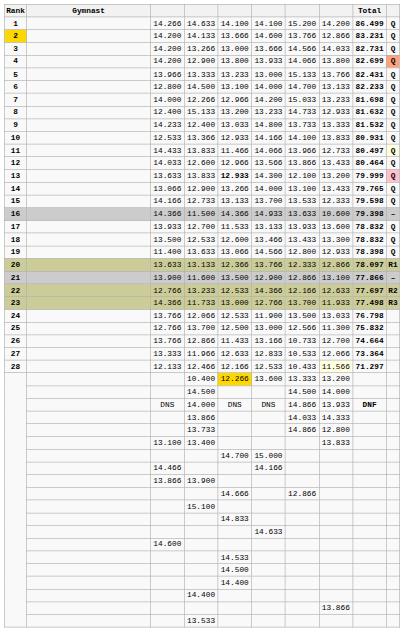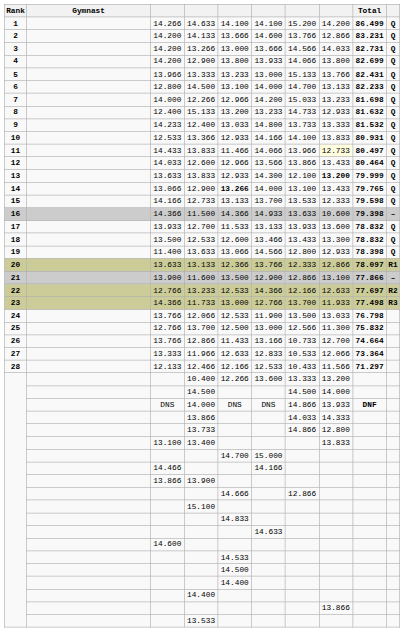 <table class="wikitable sortable" style="text-align:center; font-size:100%">
 <tr>
 <th scope="col" style="width:15px;">Rank</th>
 <th scope="col" style="width:200px;">Gymnast</th>
 <th scope="col" style="width:50px;"></th>
 <th scope="col" style="width:50px;"></th>
 <th scope="col" style="width:50px;"></th>
 <th scope="col" style="width:50px;"></th>
 <th scope="col" style="width:50px;"></th>
 <th scope="col" style="width:50px;"></th>
 <th scope="col" style="width:50px;">Total</th>
 <th scope="col" style="width:15px;"></th>
 </tr>
 <tr>
 <td scope="row" style="text-align:center;"><strong>1</strong></td>
 <td style="text-align:left;"></td>
 <td>14.266</td>
 <td>14.633</td>
 <td>14.100</td>
 <td>14.100</td>
 <td>15.200</td>
 <td>14.200</td>
 <td><strong>86.499</strong></td>
 <td><strong>Q</strong></td>
 </tr>
 <tr>
-<td scope="row" style="background: gold; text-align:center;"><strong>2</strong></td>
+<td scope="row" style="text-align:center;"><strong>2</strong></td>
 <td style="text-align:left;"></td>
 <td>14.200</td>
 <td>14.133</td>
 <td>13.666</td>
 <td>14.600</td>
 <td>13.766</td>
 <td>12.866</td>
 <td><strong>83.231</strong></td>
 <td><strong>Q</strong></td>
 </tr>
 <tr>
 <td scope="row" style="text-align:center;"><strong>3</strong></td>
 <td style="text-align:left;"></td>
 <td>14.200</td>
 <td>13.266</td>
 <td>13.000</td>
 <td>13.666</td>
 <td>14.566</td>
 <td>14.033</td>
 <td><strong>82.731</strong></td>
 <td><strong>Q</strong></td>
 </tr>
 <tr>
 <td scope="row" style="text-align:center;"><strong>4</strong></td>
 <td style="text-align:left;"></td>
 <td>14.200</td>
 <td>12.900</td>
 <td>13.800</td>
 <td>13.933</td>
 <td>14.066</td>
 <td>13.800</td>
 <td><strong>82.699</strong></td>
-<td style="background: lightsalmon;"><strong>Q</strong></td>
+<td><strong>Q</strong></td>
 </tr>
 <tr>
 <td scope="row" style="text-align:center;"><strong>5</strong></td>
 <td style="text-align:left;"></td>
 <td>13.966</td>
 <td>13.333</td>
 <td>13.233</td>
 <td>13.000</td>
 <td>15.133</td>
 <td>13.766</td>
 <td><strong>82.431</strong></td>
 <td><strong>Q</strong></td>
 </tr>
 <tr>
 <td scope="row" style="text-align:center;"><strong>6</strong></td>
 <td style="text-align:left;"></td>
 <td>12.800</td>
 <td>14.500</td>
 <td>13.100</td>
 <td>14.000</td>
 <td>14.700</td>
 <td>13.133</td>
 <td><strong>82.233</strong></td>
 <td><strong>Q</strong></td>
 </tr>
 <tr>
 <td scope="row" style="text-align:center;"><strong>7</strong></td>
 <td style="text-align:left;"></td>
 <td>14.000</td>
 <td>12.266</td>
 <td>12.966</td>
 <td>14.200</td>
 <td>15.033</td>
 <td>13.233</td>
 <td><strong>81.698</strong></td>
 <td><strong>Q</strong></td>
 </tr>
 <tr>
 <td scope="row" style="text-align:center;"><strong>8</strong></td>
 <td style="text-align:left;"></td>
 <td>12.400</td>
 <td>15.133</td>
 <td>13.200</td>
 <td>13.233</td>
 <td>14.733</td>
 <td>12.933</td>
 <td><strong>81.632</strong></td>
 <td><strong>Q</strong></td>
 </tr>
 <tr>
 <td scope="row" style="text-align:center;"><strong>9</strong></td>
 <td style="text-align:left;"></td>
 <td>14.233</td>
 <td>12.400</td>
 <td>13.033</td>
 <td>14.800</td>
 <td>13.733</td>
 <td>13.333</td>
 <td><strong>81.532</strong></td>
 <td><strong>Q</strong></td>
 </tr>
 <tr>
 <td scope="row" style="text-align:center;"><strong>10</strong></td>
 <td style="text-align:left;"></td>
 <td>12.533</td>
 <td>13.366</td>
 <td>12.933</td>
 <td>14.166</td>
 <td>14.100</td>
 <td>13.833</td>
 <td><strong>80.931</strong></td>
 <td><strong>Q</strong></td>
 </tr>
 <tr>
 <td scope="row" style="text-align:center;"><strong>11</strong></td>
 <td style="text-align:left;"></td>
 <td>14.433</td>
 <td>13.833</td>
 <td>11.466</td>
 <td>14.066</td>
 <td>13.966</td>
-<td>12.733</td>
+<td style="background: lightyellow;">12.733</td>
 <td><strong>80.497</strong></td>
-<td style="background: lightyellow;"><strong>Q</strong></td>
+<td><strong>Q</strong></td>
 </tr>
 <tr>
 <td scope="row" style="text-align:center;"><strong>12</strong></td>
 <td style="text-align:left;"></td>
 <td>14.033</td>
 <td>12.600</td>
 <td>12.966</td>
 <td>13.566</td>
 <td>13.866</td>
 <td>13.433</td>
 <td><strong>80.464</strong></td>
 <td><strong>Q</strong></td>
 </tr>
 <tr>
 <td scope="row" style="text-align:center;"><strong>13</strong></td>
 <td style="text-align:left;"></td>
 <td>13.633</td>
 <td>13.833</td>
-<td><strong>12.933</strong></td>
+<td>12.933</td>
 <td>14.300</td>
 <td>12.100</td>
-<td>13.200</td>
+<td><strong>13.200</strong></td>
 <td><strong>79.999</strong></td>
-<td style="background: pink;"><strong>Q</strong></td>
+<td><strong>Q</strong></td>
 </tr>
 <tr>
 <td scope="row" style="text-align:center;"><strong>14</strong></td>
 <td style="text-align:left;"></td>
 <td>13.066</td>
 <td>12.900</td>
-<td>13.266</td>
+<td><strong>13.266</strong></td>
 <td>14.000</td>
 <td>13.100</td>
 <td>13.433</td>
 <td><strong>79.765</strong></td>
 <td><strong>Q</strong></td>
 </tr>
 <tr>
 <td scope="row" style="text-align:center;"><strong>15</strong></td>
 <td style="text-align:left;"></td>
 <td>14.166</td>
 <td>12.733</td>
 <td>13.133</td>
 <td>13.700</td>
 <td>13.533</td>
 <td>12.333</td>
 <td><strong>79.598</strong></td>
 <td><strong>Q</strong></td>
 </tr>
 <tr style="background:#cccccc;">
 <td scope="row" style="text-align:center;"><strong>16</strong></td>
 <td style="text-align:left;"></td>
 <td>14.366</td>
 <td>11.500</td>
 <td>14.366</td>
 <td>14.933</td>
 <td>13.633</td>
 <td>10.600</td>
 <td><strong>79.398</strong></td>
 <td><strong>–</strong></td>
 </tr>
 <tr>
 <td scope="row" style="text-align:center;"><strong>17</strong></td>
 <td style="text-align:left;"></td>
 <td>13.933</td>
 <td>12.700</td>
 <td>11.533</td>
 <td>13.133</td>
 <td>13.933</td>
 <td>13.600</td>
 <td><strong>78.832</strong></td>
 <td><strong>Q</strong></td>
 </tr>
 <tr>
 <td scope="row" style="text-align:center;"><strong>18</strong></td>
 <td style="text-align:left;"></td>
 <td>13.500</td>
 <td>12.533</td>
 <td>12.600</td>
 <td>13.466</td>
 <td>13.433</td>
 <td>13.300</td>
 <td><strong>78.832</strong></td>
 <td><strong>Q</strong></td>
 </tr>
 <tr>
 <td scope="row" style="text-align:center;"><strong>19</strong></td>
 <td style="text-align:left;"></td>
 <td>11.400</td>
 <td>13.633</td>
 <td>13.066</td>
 <td>14.566</td>
 <td>12.800</td>
 <td>12.933</td>
 <td><strong>78.398</strong></td>
 <td><strong>Q</strong></td>
 </tr>
 <tr style="background:#cccc99;">
 <td scope="row" style="text-align:center;"><strong>20</strong></td>
 <td style="text-align:left;"></td>
 <td>13.633</td>
 <td>13.133</td>
 <td>12.366</td>
 <td>13.766</td>
 <td>12.333</td>
 <td>12.866</td>
 <td><strong>78.097</strong></td>
 <td><strong>R1</strong></td>
 </tr>
 <tr style="background:#cccccc;">
 <td scope="row" style="text-align:center;"><strong>21</strong></td>
 <td style="text-align:left;"></td>
 <td>13.900</td>
 <td>11.600</td>
 <td>13.500</td>
 <td>12.900</td>
 <td>12.866</td>
 <td>13.100</td>
 <td><strong>77.866</strong></td>
 <td><strong>–</strong></td>
 </tr>
 <tr style="background:#cccc99;">
 <td scope="row" style="text-align:center;"><strong>22</strong></td>
 <td style="text-align:left;"></td>
 <td>12.766</td>
 <td>13.233</td>
 <td>12.533</td>
 <td>14.366</td>
 <td>12.166</td>
 <td>12.633</td>
 <td><strong>77.697</strong></td>
 <td><strong>R2</strong></td>
 </tr>
 <tr style="background:#cccc99;">
 <td scope="row" style="text-align:center;"><strong>23</strong></td>
 <td style="text-align:left;"></td>
 <td>14.366</td>
 <td>11.733</td>
 <td>13.000</td>
 <td>12.766</td>
 <td>13.700</td>
 <td>11.933</td>
 <td><strong>77.498</strong></td>
 <td><strong>R3</strong></td>
 </tr>
 <tr>
 <td scope="row" style="text-align:center;"><strong>24</strong></td>
 <td style="text-align:left;"></td>
 <td>13.766</td>
 <td>12.066</td>
 <td>12.533</td>
 <td>11.900</td>
 <td>13.500</td>
 <td>13.033</td>
 <td><strong>76.798</strong></td>
 <td></td>
 </tr>
 <tr>
 <td scope="row" style="text-align:center;"><strong>25</strong></td>
 <td style="text-align:left;"></td>
 <td>12.766</td>
 <td>13.700</td>
 <td>12.500</td>
 <td>13.000</td>
 <td>12.566</td>
 <td>11.300</td>
 <td><strong>75.832</strong></td>
 <td></td>
 </tr>
 <tr>
 <td scope="row" style="text-align:center;"><strong>26</strong></td>
 <td style="text-align:left;"></td>
 <td>13.766</td>
 <td>12.866</td>
 <td>11.433</td>
 <td>13.166</td>
 <td>10.733</td>
 <td>12.700</td>
 <td><strong>74.664</strong></td>
 <td></td>
 </tr>
 <tr>
 <td scope="row" style="text-align:center;"><strong>27</strong></td>
 <td style="text-align:left;"></td>
 <td>13.333</td>
 <td>11.966</td>
 <td>12.633</td>
 <td>12.833</td>
 <td>10.533</td>
 <td>12.066</td>
 <td><strong>73.364</strong></td>
 <td></td>
 </tr>
 <tr>
 <td scope="row" style="text-align:center;"><strong>28</strong></td>
 <td style="text-align:left;"></td>
 <td>12.133</td>
 <td>12.466</td>
 <td>12.166</td>
 <td>12.533</td>
 <td>10.433</td>
-<td style="background: lightyellow;">11.566</td>
+<td>11.566</td>
 <td><strong>71.297</strong></td>
 <td></td>
 </tr>
 <tr>
 <td rowspan="20" scope="row" style="text-align:center;"></td>
 <td style="text-align:left;"></td>
 <td></td>
 <td>10.400</td>
-<td style="background: gold;">12.266</td>
+<td>12.266</td>
 <td>13.600</td>
 <td>13.333</td>
 <td>13.200</td>
 <td></td>
 <td></td>
 </tr>
 <tr>
 <td style="text-align:left;"></td>
 <td></td>
 <td>14.500</td>
 <td></td>
 <td></td>
 <td>14.500</td>
 <td>14.000</td>
 <td></td>
 <td></td>
 </tr>
 <tr>
 <td style="text-align:left;"></td>
 <td>DNS</td>
 <td>14.000</td>
 <td>DNS</td>
 <td>DNS</td>
 <td>14.866</td>
 <td>13.933</td>
 <td><strong>DNF</strong></td>
 <td></td>
 </tr>
 <tr>
 <td style="text-align:left;"></td>
 <td></td>
 <td>13.866</td>
 <td></td>
 <td></td>
 <td>14.033</td>
 <td>14.333</td>
 <td></td>
 <td></td>
 </tr>
 <tr>
 <td style="text-align:left;"></td>
 <td></td>
 <td>13.733</td>
 <td></td>
 <td></td>
 <td>14.866</td>
 <td>12.800</td>
 <td></td>
 <td></td>
 </tr>
 <tr>
 <td style="text-align:left;"></td>
 <td>13.100</td>
 <td>13.400</td>
 <td></td>
 <td></td>
 <td></td>
 <td>13.833</td>
 <td></td>
 <td></td>
 </tr>
 <tr>
 <td style="text-align:left;"></td>
 <td></td>
 <td></td>
 <td>14.700</td>
 <td>15.000</td>
 <td></td>
 <td></td>
 <td></td>
 <td></td>
 </tr>
 <tr>
 <td style="text-align:left;"></td>
 <td>14.466</td>
 <td></td>
 <td></td>
 <td>14.166</td>
 <td></td>
 <td></td>
 <td></td>
 <td></td>
 </tr>
 <tr>
 <td style="text-align:left;"></td>
 <td>13.866</td>
 <td>13.900</td>
 <td></td>
 <td></td>
 <td></td>
 <td></td>
 <td></td>
 <td></td>
 </tr>
 <tr>
 <td style="text-align:left;"></td>
 <td></td>
 <td></td>
 <td>14.666</td>
 <td></td>
 <td>12.866</td>
 <td></td>
 <td></td>
 <td></td>
 </tr>
 <tr>
 <td style="text-align:left;"></td>
 <td></td>
 <td>15.100</td>
 <td></td>
 <td></td>
 <td></td>
 <td></td>
 <td></td>
 <td></td>
 </tr>
 <tr>
 <td style="text-align:left;"></td>
 <td></td>
 <td></td>
 <td>14.833</td>
 <td></td>
 <td></td>
 <td></td>
 <td></td>
 <td></td>
 </tr>
 <tr>
 <td style="text-align:left;"></td>
 <td></td>
 <td></td>
 <td></td>
 <td>14.633</td>
 <td></td>
 <td></td>
 <td></td>
 <td></td>
 </tr>
 <tr>
 <td style="text-align:left;"></td>
 <td>14.600</td>
 <td></td>
 <td></td>
 <td></td>
 <td></td>
 <td></td>
 <td></td>
 <td></td>
 </tr>
 <tr>
 <td style="text-align:left;"></td>
 <td></td>
 <td></td>
 <td>14.533</td>
 <td></td>
 <td></td>
 <td></td>
 <td></td>
 <td></td>
 </tr>
 <tr>
 <td style="text-align:left;"></td>
 <td></td>
 <td></td>
 <td>14.500</td>
 <td></td>
 <td></td>
 <td></td>
 <td></td>
 <td></td>
 </tr>
 <tr>
 <td style="text-align:left;"></td>
 <td></td>
 <td></td>
 <td>14.400</td>
 <td></td>
 <td></td>
 <td></td>
 <td></td>
 <td></td>
 </tr>
 <tr>
 <td style="text-align:left;"></td>
 <td></td>
 <td>14.400</td>
 <td></td>
 <td></td>
 <td></td>
 <td></td>
 <td></td>
 <td></td>
 </tr>
 <tr>
 <td style="text-align:left;"></td>
 <td></td>
 <td></td>
 <td></td>
 <td></td>
 <td></td>
 <td>13.866</td>
 <td></td>
 <td></td>
 </tr>
 <tr>
 <td style="text-align:left;"></td>
 <td></td>
 <td>13.533</td>
 <td></td>
 <td></td>
 <td></td>
 <td></td>
 <td></td>
 <td></td>
 </tr>
 </table>
